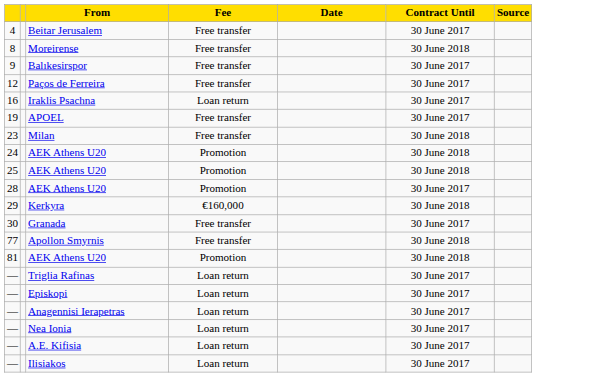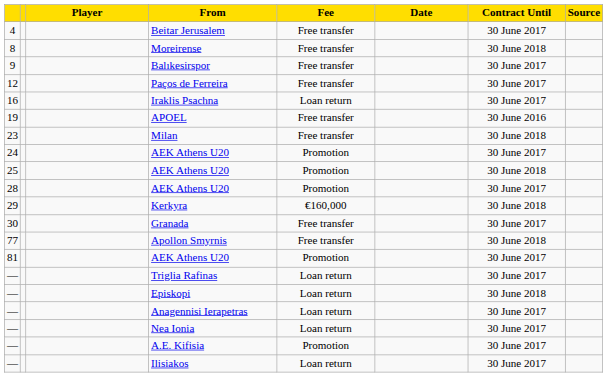 <table class="wikitable sortable">
 <tr>
 <th style="background:#FFDE00"></th>
 <th style="background:#FFDE00"></th>
+<th width=200 style="background:#FFDE00">Player</th>
 <th width=200 style="background:#FFDE00">From</th>
 <th width=150 style="background:#FFDE00">Fee</th>
 <th width=150 style="background:#FFDE00">Date</th>
 <th width=150 style="background:#FFDE00">Contract Until</th>
 <th style="background:#FFDE00">Source</th>
 </tr>
 <tr>
 <td align=center>4</td>
 <td align=center></td>
+<td></td>
 <td> <a href='#'>Beitar Jerusalem</a></td>
 <td align=center>Free transfer</td>
 <td align=center></td>
 <td align=center>30 June 2017</td>
 <td align=center></td>
 </tr>
 <tr>
 <td align=center>8</td>
 <td align=center></td>
+<td></td>
 <td> <a href='#'>Moreirense</a></td>
 <td align=center>Free transfer</td>
 <td align=center></td>
 <td align=center>30 June 2018</td>
 <td align=center></td>
 </tr>
 <tr>
 <td align=center>9</td>
 <td align=center></td>
+<td></td>
 <td> <a href='#'>Balıkesirspor</a></td>
 <td align=center>Free transfer</td>
 <td align=center></td>
 <td align=center>30 June 2017</td>
 <td align=center></td>
 </tr>
 <tr>
 <td align=center>12</td>
 <td align=center></td>
+<td></td>
 <td> <a href='#'>Paços de Ferreira</a></td>
 <td align=center>Free transfer</td>
 <td align=center></td>
 <td align=center>30 June 2017</td>
 <td align=center></td>
 </tr>
 <tr>
 <td align=center>16</td>
 <td align=center></td>
+<td></td>
 <td> <a href='#'>Iraklis Psachna</a></td>
 <td align=center>Loan return</td>
 <td align=center></td>
 <td align=center>30 June 2017</td>
 <td align=center></td>
 </tr>
 <tr>
 <td align=center>19</td>
 <td align=center></td>
+<td></td>
 <td> <a href='#'>APOEL</a></td>
 <td align=center>Free transfer</td>
 <td align=center></td>
-<td align=center>30 June 2017</td>
+<td align=center>30 June 2016</td>
 <td align=center></td>
 </tr>
 <tr>
 <td align=center>23</td>
 <td align=center></td>
+<td></td>
 <td> <a href='#'>Milan</a></td>
 <td align=center>Free transfer</td>
 <td align=center></td>
 <td align=center>30 June 2018</td>
 <td align=center></td>
 </tr>
 <tr>
 <td align=center>24</td>
 <td align=center></td>
+<td></td>
 <td> <a href='#'>AEK Athens U20</a></td>
 <td align=center>Promotion</td>
 <td align=center></td>
-<td align=center>30 June 2018</td>
+<td align=center>30 June 2017</td>
 <td align=center></td>
 </tr>
 <tr>
 <td align=center>25</td>
 <td align=center></td>
+<td></td>
 <td> <a href='#'>AEK Athens U20</a></td>
 <td align=center>Promotion</td>
 <td align=center></td>
 <td align=center>30 June 2018</td>
 <td align=center></td>
 </tr>
 <tr>
 <td align=center>28</td>
 <td align=center></td>
+<td></td>
 <td> <a href='#'>AEK Athens U20</a></td>
 <td align=center>Promotion</td>
 <td align=center></td>
 <td align=center>30 June 2017</td>
 <td align=center></td>
 </tr>
 <tr>
 <td align=center>29</td>
 <td align=center></td>
+<td></td>
 <td> <a href='#'>Kerkyra</a></td>
 <td align=center>€160,000</td>
 <td align=center></td>
 <td align=center>30 June 2018</td>
 <td align=center></td>
 </tr>
 <tr>
 <td align=center>30</td>
 <td align=center></td>
+<td></td>
 <td> <a href='#'>Granada</a></td>
 <td align=center>Free transfer</td>
 <td align=center></td>
 <td align=center>30 June 2017</td>
 <td align=center></td>
 </tr>
 <tr>
 <td align=center>77</td>
 <td align=center></td>
+<td></td>
 <td> <a href='#'>Apollon Smyrnis</a></td>
 <td align=center>Free transfer</td>
 <td align=center></td>
 <td align=center>30 June 2018</td>
 <td align=center></td>
 </tr>
 <tr>
 <td align=center>81</td>
 <td align=center></td>
+<td></td>
 <td> <a href='#'>AEK Athens U20</a></td>
 <td align=center>Promotion</td>
 <td align=center></td>
-<td align=center>30 June 2018</td>
+<td align=center>30 June 2017</td>
 <td align=center></td>
 </tr>
 <tr>
 <td align=center>—</td>
 <td align=center></td>
+<td></td>
 <td> <a href='#'>Triglia Rafinas</a></td>
 <td align=center>Loan return</td>
 <td align=center></td>
 <td align=center>30 June 2017</td>
 <td align=center></td>
 </tr>
 <tr>
 <td align=center>—</td>
 <td align=center></td>
+<td></td>
 <td> <a href='#'>Episkopi</a></td>
 <td align=center>Loan return</td>
 <td align=center></td>
-<td align=center>30 June 2017</td>
+<td align=center>30 June 2018</td>
 <td align=center></td>
 </tr>
 <tr>
 <td align=center>—</td>
 <td align=center></td>
+<td></td>
 <td> <a href='#'>Anagennisi Ierapetras</a></td>
 <td align=center>Loan return</td>
 <td align=center></td>
 <td align=center>30 June 2017</td>
 <td align=center></td>
 </tr>
 <tr>
 <td align=center>—</td>
 <td align=center></td>
+<td></td>
 <td> <a href='#'>Nea Ionia</a></td>
 <td align=center>Loan return</td>
 <td align=center></td>
 <td align=center>30 June 2017</td>
 <td align=center></td>
 </tr>
 <tr>
 <td align=center>—</td>
 <td align=center></td>
+<td></td>
 <td> <a href='#'>A.E. Kifisia</a></td>
-<td align=center>Loan return</td>
+<td align=center>Promotion</td>
 <td align=center></td>
 <td align=center>30 June 2017</td>
 <td align=center></td>
 </tr>
 <tr>
 <td align=center>—</td>
 <td align=center></td>
+<td></td>
 <td> <a href='#'>Ilisiakos</a></td>
 <td align=center>Loan return</td>
 <td align=center></td>
 <td align=center>30 June 2017</td>
 <td align=center></td>
 </tr>
 </table>
